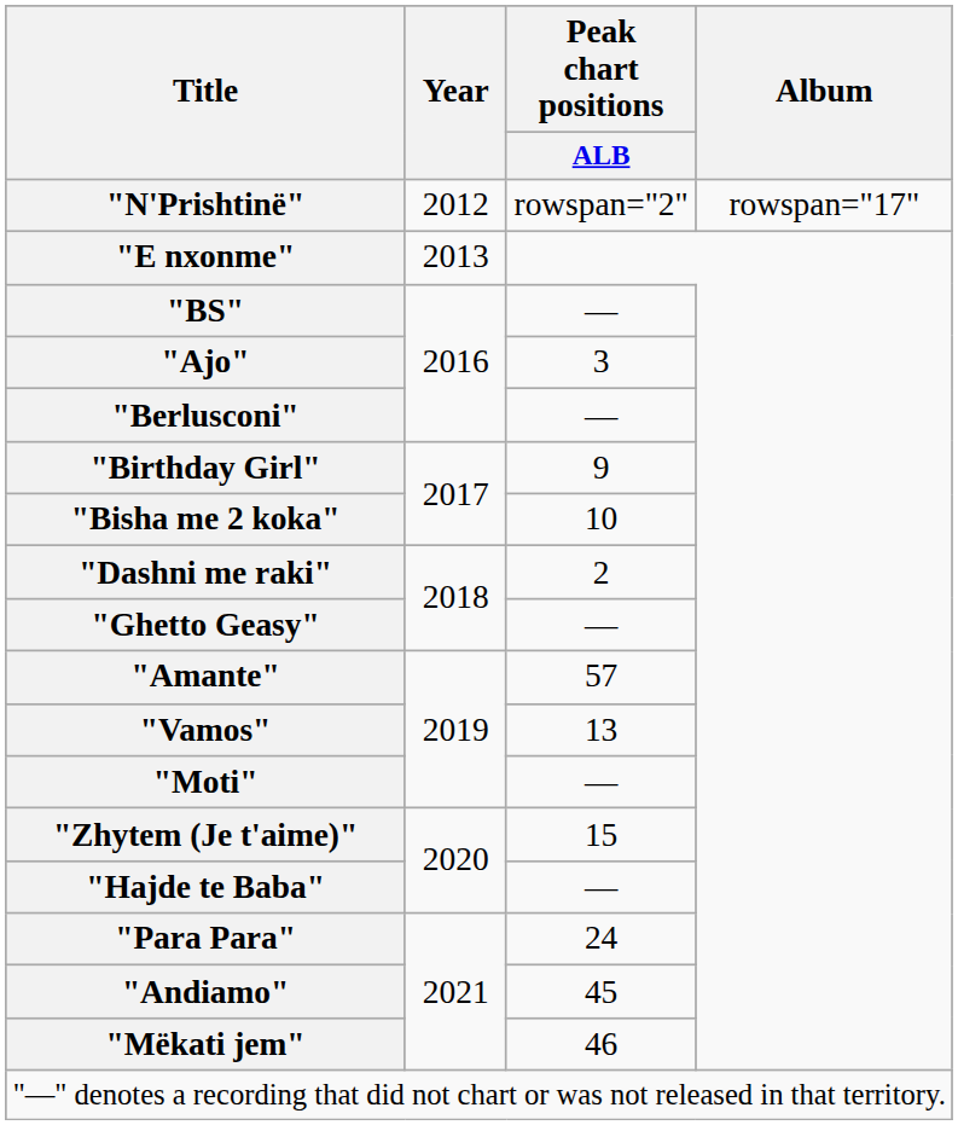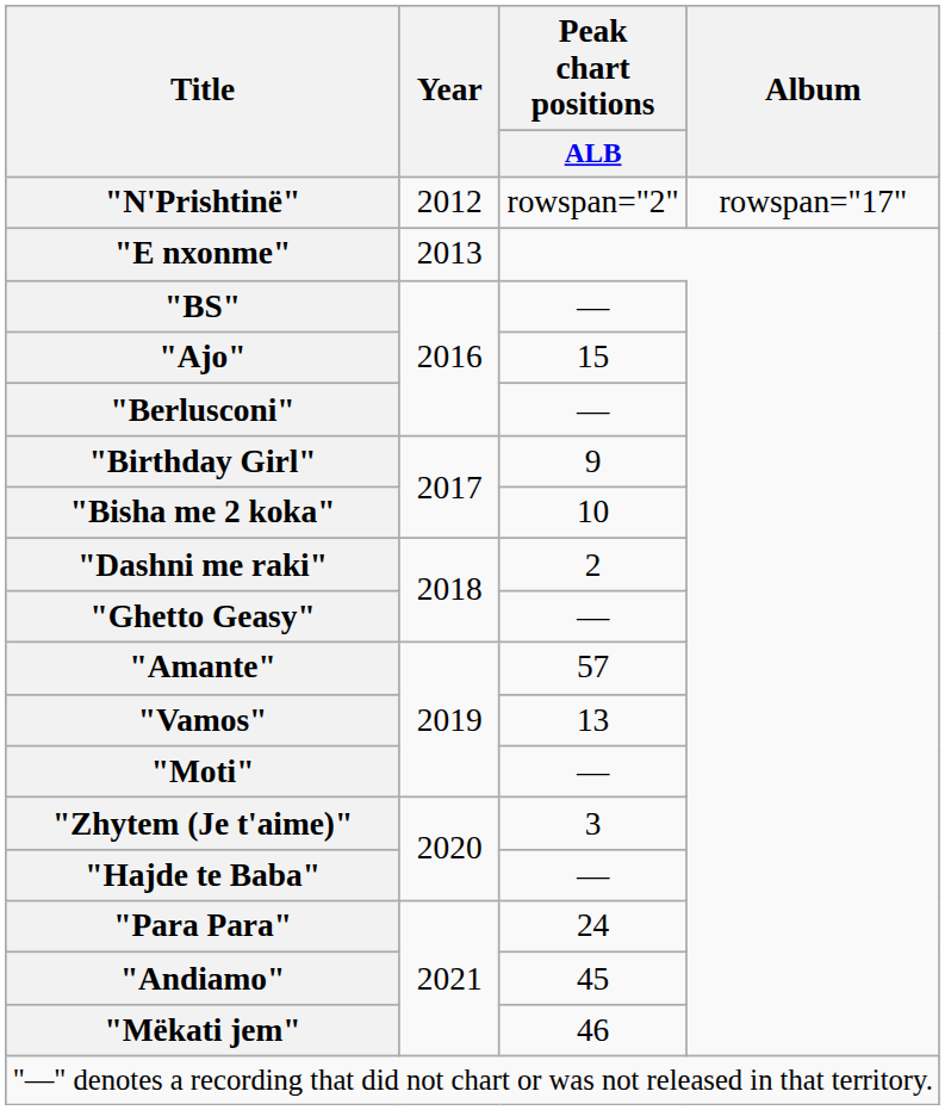 <table class="wikitable plainrowheaders" style="text-align:center;">
 <tr>
 <th scope="col" rowspan="2">Title</th>
 <th scope="col" rowspan="2">Year</th>
 <th scope="col" colspan="1">Peak<br>chart<br>positions</th>
 <th scope="col" rowspan="2">Album</th>
 </tr>
 <tr>
 <th scope="col" style="width:3em;font-size:85%;"><a href='#'>ALB</a><br></th>
 </tr>
 <tr>
 <th scope="row">"N'Prishtinë"</th>
 <td>2012</td>
 <td>rowspan="2" </td>
 <td>rowspan="17" </td>
 </tr>
 <tr>
 <th scope="row">"E nxonme"</th>
 <td>2013</td>
 </tr>
 <tr>
 <th scope="row">"BS"<br></th>
 <td rowspan="3">2016</td>
 <td>—</td>
 </tr>
 <tr>
 <th scope="row">"Ajo"<br></th>
-<td>3</td>
+<td>15</td>
 </tr>
 <tr>
 <th scope="row">"Berlusconi"</th>
 <td>—</td>
 </tr>
 <tr>
 <th scope="row">"Birthday Girl"</th>
 <td rowspan="2">2017</td>
 <td>9</td>
 </tr>
 <tr>
 <th scope="row">"Bisha me 2 koka"<br></th>
 <td>10</td>
 </tr>
 <tr>
 <th scope="row">"Dashni me raki"<br></th>
 <td rowspan="2">2018</td>
 <td>2</td>
 </tr>
 <tr>
 <th scope="row">"Ghetto Geasy"</th>
 <td>—</td>
 </tr>
 <tr>
 <th scope="row">"Amante"</th>
 <td rowspan="3">2019</td>
 <td>57</td>
 </tr>
 <tr>
 <th scope="row">"Vamos"<br></th>
 <td>13</td>
 </tr>
 <tr>
 <th scope="row">"Moti"<br></th>
 <td>—</td>
 </tr>
 <tr>
 <th scope="row">"Zhytem (Je t'aime)"<br></th>
 <td rowspan="2">2020</td>
-<td>15</td>
+<td>3</td>
 </tr>
 <tr>
 <th scope="row">"Hajde te Baba"<br></th>
 <td>—</td>
 </tr>
 <tr>
 <th scope="row">"Para Para"<br></th>
 <td rowspan="3">2021</td>
 <td>24</td>
 </tr>
 <tr>
 <th scope="row">"Andiamo"<br></th>
 <td>45</td>
 </tr>
 <tr>
 <th scope="row">"Mëkati jem"<br></th>
 <td>46</td>
 </tr>
 <tr>
 <td colspan="11" style="font-size:90%">"—" denotes a recording that did not chart or was not released in that territory.</td>
 </tr>
 </table>
